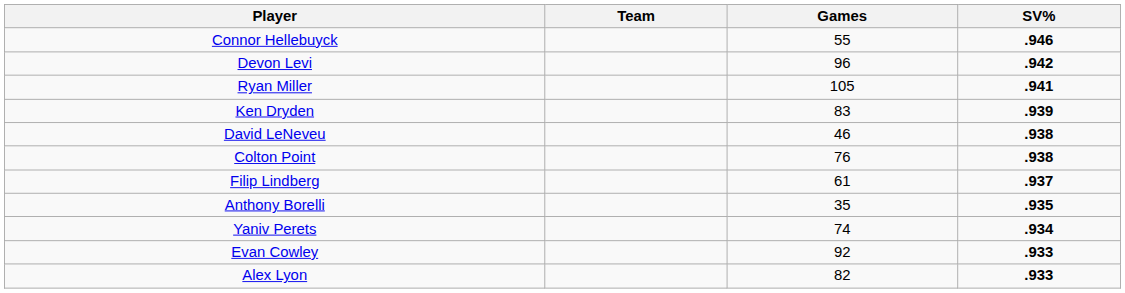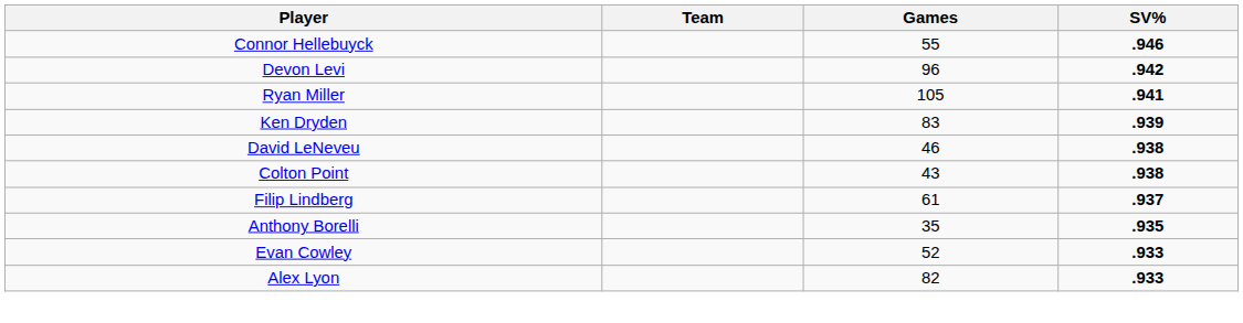 <table class="sortable wikitable" width =95%>
 <tr>
 <th>Player</th>
 <th>Team</th>
 <th>Games</th>
 <th>SV%</th>
 </tr>
 <tr align=center>
 <td><a href='#'>Connor Hellebuyck</a></td>
 <td><strong><a href='#'></a></strong></td>
 <td>55</td>
 <td><strong>.946</strong></td>
 </tr>
 <tr align=center>
 <td><a href='#'>Devon Levi</a></td>
 <td><strong><a href='#'></a></strong></td>
 <td>96</td>
 <td><strong>.942</strong></td>
 </tr>
 <tr align=center>
 <td><a href='#'>Ryan Miller</a></td>
 <td><strong><a href='#'></a></strong></td>
 <td>105</td>
 <td><strong>.941</strong></td>
 </tr>
 <tr align=center>
 <td><a href='#'>Ken Dryden</a></td>
 <td><strong><a href='#'></a></strong></td>
 <td>83</td>
 <td><strong>.939</strong></td>
 </tr>
 <tr align=center>
 <td><a href='#'>David LeNeveu</a></td>
 <td><strong><a href='#'></a></strong></td>
 <td>46</td>
 <td><strong>.938</strong></td>
 </tr>
 <tr align=center>
 <td><a href='#'>Colton Point</a></td>
 <td><strong><a href='#'></a></strong></td>
-<td>76</td>
+<td>43</td>
 <td><strong>.938</strong></td>
 </tr>
 <tr align=center>
 <td><a href='#'>Filip Lindberg</a></td>
 <td><strong><a href='#'></a></strong></td>
 <td>61</td>
 <td><strong>.937</strong></td>
 </tr>
 <tr align=center>
 <td><a href='#'>Anthony Borelli</a></td>
 <td><strong><a href='#'></a></strong></td>
 <td>35</td>
 <td><strong>.935</strong></td>
 </tr>
 <tr align=center>
-<td><a href='#'>Yaniv Perets</a></td>
-<td><strong><a href='#'></a></strong></td>
-<td>74</td>
-<td><strong>.934</strong></td>
-</tr>
-<tr align=center>
 <td><a href='#'>Evan Cowley</a></td>
 <td><strong><a href='#'></a></strong></td>
-<td>92</td>
+<td>52</td>
 <td><strong>.933</strong></td>
 </tr>
 <tr align=center>
 <td><a href='#'>Alex Lyon</a></td>
 <td><strong><a href='#'></a></strong></td>
 <td>82</td>
 <td><strong>.933</strong></td>
 </tr>
 </table>
